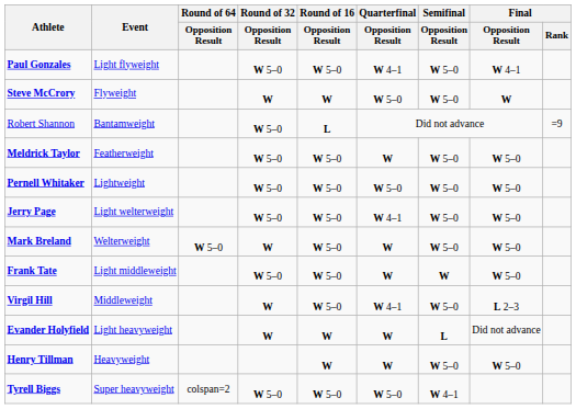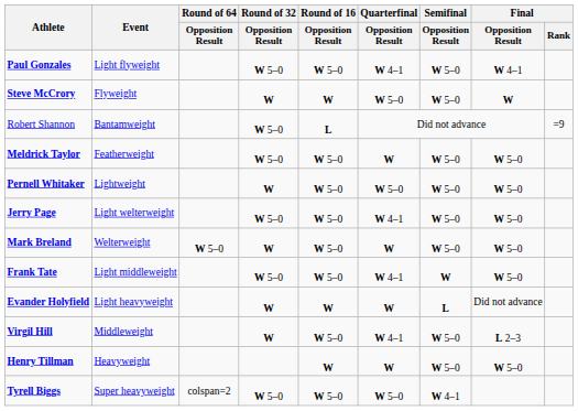 <table class=wikitable style=font-size:90%;text-align:center>
 <tr>
 <th rowspan=2>Athlete</th>
 <th rowspan=2>Event</th>
 <th>Round of 64</th>
 <th>Round of 32</th>
 <th>Round of 16</th>
 <th>Quarterfinal</th>
 <th>Semifinal</th>
 <th colspan=2>Final</th>
 </tr>
 <tr style=font-size:95%>
 <th>Opposition<br>Result</th>
 <th>Opposition<br>Result</th>
 <th>Opposition<br>Result</th>
 <th>Opposition<br>Result</th>
 <th>Opposition<br>Result</th>
 <th>Opposition<br>Result</th>
 <th>Rank</th>
 </tr>
 <tr>
 <td align=left><strong><a href='#'>Paul Gonzales</a></strong></td>
 <td align=left><a href='#'>Light flyweight</a></td>
 <td></td>
 <td><br><strong>W</strong> 5–0</td>
 <td><br><strong>W</strong> 5–0</td>
 <td><br><strong>W</strong> 4–1</td>
 <td><br><strong>W</strong> 5–0</td>
 <td><br><strong>W</strong> 4–1</td>
 <td></td>
 </tr>
 <tr>
 <td align=left><strong><a href='#'>Steve McCrory</a></strong></td>
 <td align=left><a href='#'>Flyweight</a></td>
 <td></td>
 <td><br><strong>W</strong> </td>
 <td><br><strong>W</strong> </td>
 <td><br><strong>W</strong> 5–0</td>
 <td><br><strong>W</strong> 5–0</td>
 <td><br><strong>W</strong> </td>
 <td></td>
 </tr>
 <tr>
 <td align=left><a href='#'>Robert Shannon</a></td>
 <td align=left><a href='#'>Bantamweight</a></td>
 <td></td>
 <td><br><strong>W</strong> 5–0</td>
 <td><br><strong>L</strong> </td>
 <td colspan=3>Did not advance</td>
 <td>=9</td>
 </tr>
 <tr>
 <td align=left><strong><a href='#'>Meldrick Taylor</a></strong></td>
 <td align=left><a href='#'>Featherweight</a></td>
 <td></td>
 <td><br><strong>W</strong> 5–0</td>
 <td><br><strong>W</strong> 5–0</td>
 <td><br><strong>W</strong> </td>
 <td><br><strong>W</strong> 5–0</td>
 <td><br><strong>W</strong> 5–0</td>
 <td></td>
 </tr>
 <tr>
 <td align=left><strong><a href='#'>Pernell Whitaker</a></strong></td>
 <td align=left><a href='#'>Lightweight</a></td>
 <td></td>
-<td><br><strong>W</strong> 5–0</td>
+<td><br><strong>W</strong> </td>
 <td><br><strong>W</strong> 5–0</td>
 <td><br><strong>W</strong> 5–0</td>
 <td><br><strong>W</strong> 5–0</td>
 <td><br><strong>W</strong> 5–0</td>
 <td></td>
 </tr>
 <tr>
 <td align=left><strong><a href='#'>Jerry Page</a></strong></td>
 <td align=left><a href='#'>Light welterweight</a></td>
 <td></td>
 <td><br><strong>W</strong> 5–0</td>
 <td><br><strong>W</strong> 5–0</td>
 <td><br><strong>W</strong> 4–1</td>
 <td><br><strong>W</strong> 5–0</td>
 <td><br><strong>W</strong> 5–0</td>
 <td></td>
 </tr>
 <tr>
 <td align=left><strong><a href='#'>Mark Breland</a></strong></td>
 <td align=left><a href='#'>Welterweight</a></td>
 <td><br><strong>W</strong> 5–0</td>
 <td><br><strong>W</strong> </td>
 <td><br><strong>W</strong> 5–0</td>
 <td><br><strong>W</strong> </td>
 <td><br><strong>W</strong> 5–0</td>
 <td><br><strong>W</strong> 5–0</td>
 <td></td>
 </tr>
 <tr>
 <td align=left><strong><a href='#'>Frank Tate</a></strong></td>
 <td align=left><a href='#'>Light middleweight</a></td>
 <td></td>
 <td><br><strong>W</strong> 5–0</td>
 <td><br><strong>W</strong> 5–0</td>
+<td><br><strong>W</strong> 4–1</td>
+<td><br><strong>W</strong> </td>
+<td><br><strong>W</strong> 5–0</td>
+<td></td>
+</tr>
+<tr>
+<td align=left><strong><a href='#'>Evander Holyfield</a></strong></td>
+<td align=left><a href='#'>Light heavyweight</a></td>
+<td></td>
 <td><br><strong>W</strong> </td>
 <td><br><strong>W</strong> </td>
-<td><br><strong>W</strong> 5–0</td>
+<td><br><strong>W</strong> </td>
+<td><br><strong>L</strong> </td>
+<td>Did not advance</td>
 <td></td>
 </tr>
 <tr>
 <td align=left><strong><a href='#'>Virgil Hill</a></strong></td>
 <td align=left><a href='#'>Middleweight</a></td>
 <td></td>
 <td><br><strong>W</strong> </td>
 <td><br><strong>W</strong> 5–0</td>
 <td><br><strong>W</strong> 4–1</td>
 <td><br><strong>W</strong> 5–0</td>
 <td><br><strong>L</strong> 2–3</td>
-<td></td>
-</tr>
-<tr>
-<td align=left><strong><a href='#'>Evander Holyfield</a></strong></td>
-<td align=left><a href='#'>Light heavyweight</a></td>
-<td></td>
-<td><br><strong>W</strong> </td>
-<td><br><strong>W</strong> </td>
-<td><br><strong>W</strong> </td>
-<td><br><strong>L</strong> </td>
-<td>Did not advance</td>
 <td></td>
 </tr>
 <tr>
 <td align=left><strong><a href='#'>Henry Tillman</a></strong></td>
 <td align=left><a href='#'>Heavyweight</a></td>
 <td></td>
 <td></td>
 <td><br><strong>W</strong> </td>
 <td><br><strong>W</strong> </td>
 <td><br><strong>W</strong> 5–0</td>
 <td><br><strong>W</strong> 5–0</td>
 <td></td>
 </tr>
 <tr>
 <td align=left><strong><a href='#'>Tyrell Biggs</a></strong></td>
 <td align=left><a href='#'>Super heavyweight</a></td>
 <td>colspan=2 </td>
 <td><br><strong>W</strong> 5–0</td>
 <td><br><strong>W</strong> 5–0</td>
 <td><br><strong>W</strong> 5–0</td>
 <td><br><strong>W</strong> 4–1</td>
 <td></td>
 </tr>
 </table>
